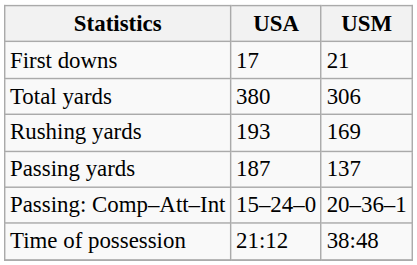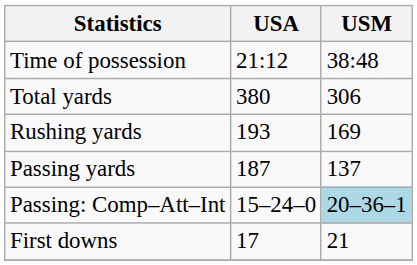 <table class="wikitable" style="float: left;">
 <tr>
 <th>Statistics</th>
 <th>USA</th>
 <th>USM</th>
 </tr>
 <tr>
-<td>First downs</td>
-<td>17</td>
-<td>21</td>
+<td>Time of possession</td>
+<td>21:12</td>
+<td>38:48</td>
 </tr>
 <tr>
 <td>Total yards</td>
 <td>380</td>
 <td>306</td>
 </tr>
 <tr>
 <td>Rushing yards</td>
 <td>193</td>
 <td>169</td>
 </tr>
 <tr>
 <td>Passing yards</td>
 <td>187</td>
 <td>137</td>
 </tr>
 <tr>
 <td>Passing: Comp–Att–Int</td>
 <td>15–24–0</td>
-<td>20–36–1</td>
+<td style="background: lightblue;">20–36–1</td>
 </tr>
 <tr>
-<td>Time of possession</td>
-<td>21:12</td>
-<td>38:48</td>
+<td>First downs</td>
+<td>17</td>
+<td>21</td>
 </tr>
 <tr>
 </tr>
 </table>
